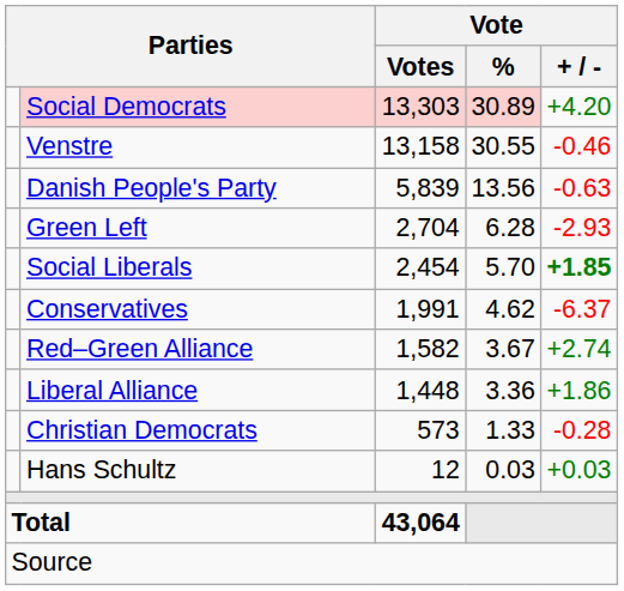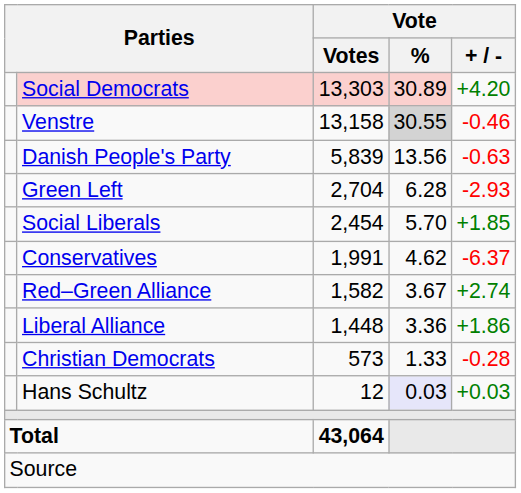 <table class="wikitable" style="text-align:right;">
 <tr>
 <th style="text-align:centre;" rowspan="2" colspan="2" width="225">Parties</th>
 <th colspan="3">Vote</th>
 </tr>
 <tr>
 <th width="15">Votes</th>
 <th width="15">%</th>
 <th width="15">+ / -</th>
 </tr>
 <tr>
 <td width="2" style="color:inherit;background:"></td>
 <td bgcolor=#fbd0ce  align="left"><a href='#'>Social Democrats</a></td>
 <td bgcolor=#fbd0ce>13,303</td>
 <td bgcolor=#fbd0ce>30.89</td>
 <td style=color:green;>+4.20</td>
 </tr>
 <tr>
 <td width="2" style="color:inherit;background:"></td>
 <td align="left"><a href='#'>Venstre</a></td>
 <td>13,158</td>
-<td>30.55</td>
+<td style="background: lightgrey;">30.55</td>
 <td style=color:red;>-0.46</td>
 </tr>
 <tr>
 <td width="2" style="color:inherit;background:"></td>
 <td align="left"><a href='#'>Danish People's Party</a></td>
 <td>5,839</td>
 <td>13.56</td>
 <td style=color:red;>-0.63</td>
 </tr>
 <tr>
 <td width="2" style="color:inherit;background:"></td>
 <td align="left"><a href='#'>Green Left</a></td>
 <td>2,704</td>
 <td>6.28</td>
 <td style=color:red;>-2.93</td>
 </tr>
 <tr>
 <td width="2" style="color:inherit;background:"></td>
 <td align="left"><a href='#'>Social Liberals</a></td>
 <td>2,454</td>
 <td>5.70</td>
-<td style=color:green;><strong>+1.85</strong></td>
+<td style=color:green;>+1.85</td>
 </tr>
 <tr>
 <td width="2" style="color:inherit;background:"></td>
 <td align="left"><a href='#'>Conservatives</a></td>
 <td>1,991</td>
 <td>4.62</td>
 <td style=color:red;>-6.37</td>
 </tr>
 <tr>
 <td width="2" style="color:inherit;background:"></td>
 <td align="left"><a href='#'>Red–Green Alliance</a></td>
 <td>1,582</td>
 <td>3.67</td>
 <td style=color:green;>+2.74</td>
 </tr>
 <tr>
 <td width="2" style="color:inherit;background:"></td>
 <td align="left"><a href='#'>Liberal Alliance</a></td>
 <td>1,448</td>
 <td>3.36</td>
 <td style=color:green;>+1.86</td>
 </tr>
 <tr>
 <td width="2" style="color:inherit;background:"></td>
 <td align="left"><a href='#'>Christian Democrats</a></td>
 <td>573</td>
 <td>1.33</td>
 <td style=color:red;>-0.28</td>
 </tr>
 <tr>
 <td width="2" style="color:inherit;background:"></td>
 <td align="left">Hans Schultz</td>
 <td>12</td>
-<td>0.03</td>
+<td style="background: lavender;">0.03</td>
 <td style=color:green;>+0.03</td>
 </tr>
 <tr>
 <td colspan="7" bgcolor="#E9E9E9"></td>
 </tr>
 <tr>
 <td align="left" colspan="2"><strong>Total</strong></td>
 <td><strong>43,064</strong></td>
 <td bgcolor="#E9E9E9" colspan="2"></td>
 </tr>
 <tr>
 <td align="left" colspan="6">Source</td>
 </tr>
 </table>
